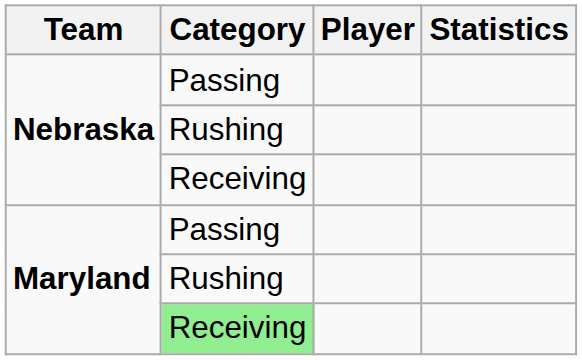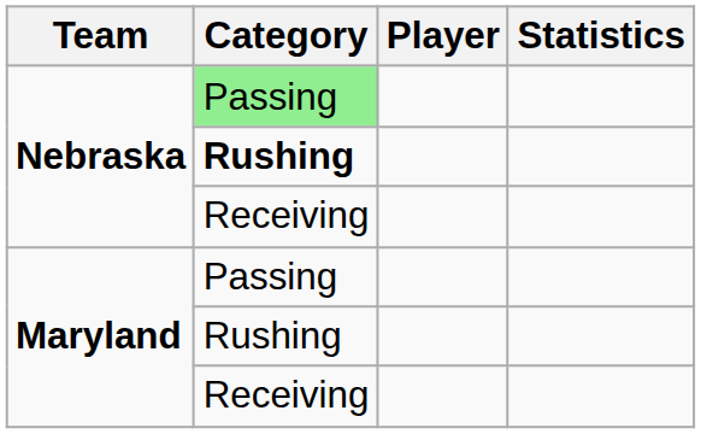 <table class="wikitable" style="float: right;">
 <tr>
 <th>Team</th>
 <th>Category</th>
 <th>Player</th>
 <th>Statistics</th>
 </tr>
 <tr>
 <td rowspan=3><strong>Nebraska</strong></td>
-<td>Passing</td>
+<td style="background: lightgreen;">Passing</td>
 <td></td>
 <td></td>
 </tr>
 <tr>
-<td>Rushing</td>
+<td><strong>Rushing</strong></td>
 <td></td>
 <td></td>
 </tr>
 <tr>
 <td>Receiving</td>
 <td></td>
 <td></td>
 </tr>
 <tr>
 <td rowspan=3><strong>Maryland</strong></td>
 <td>Passing</td>
 <td></td>
 <td></td>
 </tr>
 <tr>
 <td>Rushing</td>
 <td></td>
 <td></td>
 </tr>
 <tr>
-<td style="background: lightgreen;">Receiving</td>
+<td>Receiving</td>
 <td></td>
 <td></td>
 </tr>
 </table>
